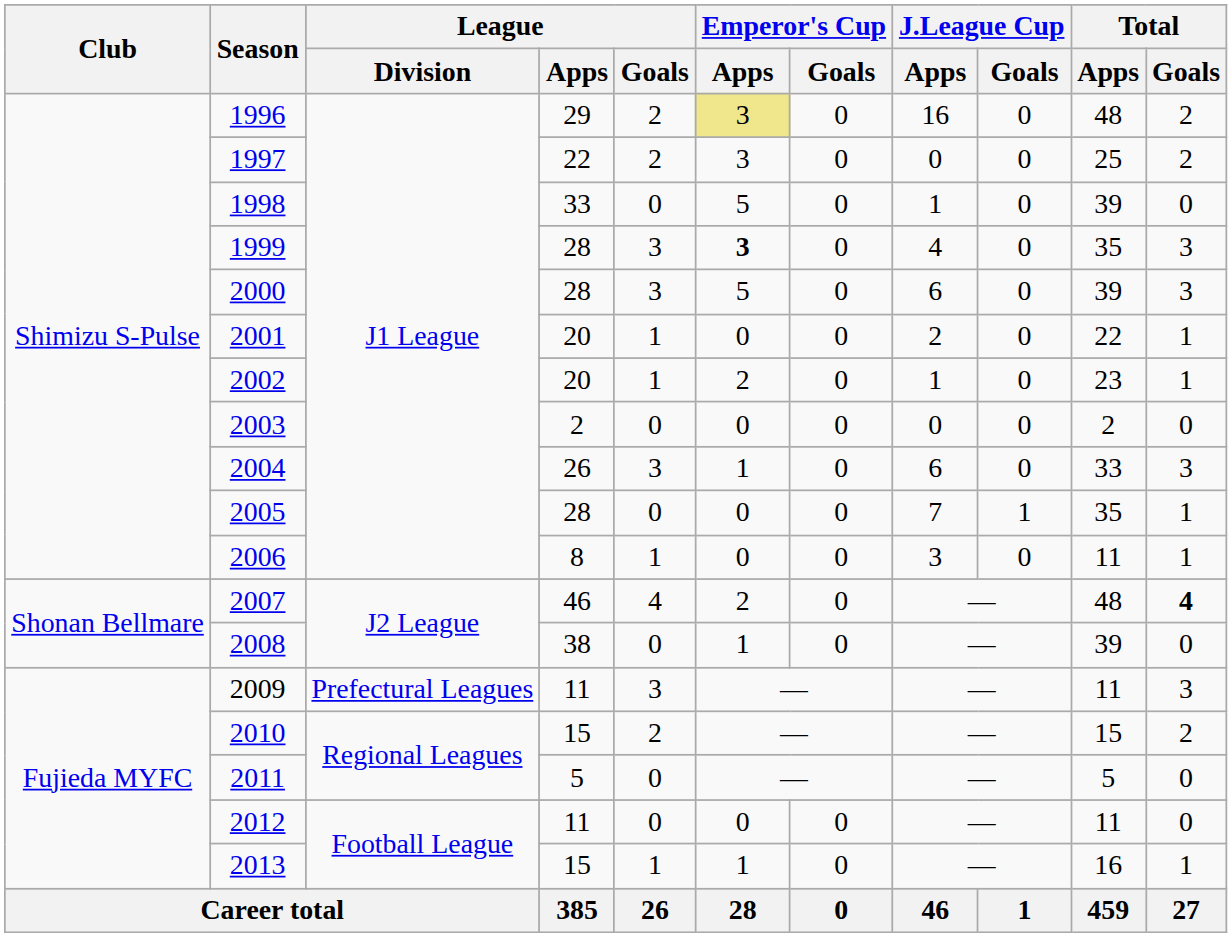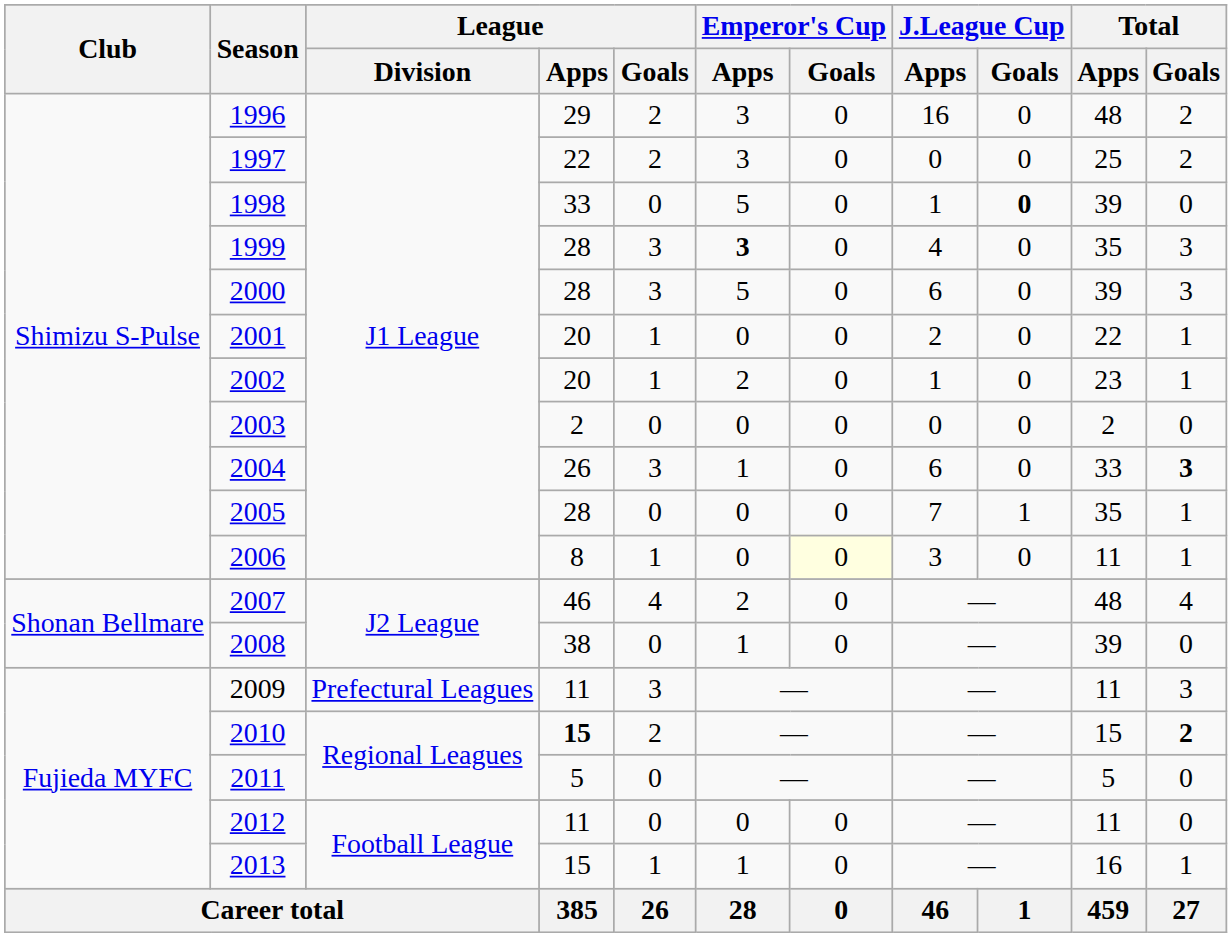 <table class="wikitable" style="text-align:center">
 <tr>
 <th rowspan="2">Club</th>
 <th rowspan="2">Season</th>
 <th colspan="3">League</th>
 <th colspan="2"><a href='#'>Emperor's Cup</a></th>
 <th colspan="2"><a href='#'>J.League Cup</a></th>
 <th colspan="2">Total</th>
 </tr>
 <tr>
 <th>Division</th>
 <th>Apps</th>
 <th>Goals</th>
 <th>Apps</th>
 <th>Goals</th>
 <th>Apps</th>
 <th>Goals</th>
 <th>Apps</th>
 <th>Goals</th>
 </tr>
 <tr>
 <td rowspan="11"><a href='#'>Shimizu S-Pulse</a></td>
 <td><a href='#'>1996</a></td>
 <td rowspan="11"><a href='#'>J1 League</a></td>
 <td>29</td>
 <td>2</td>
-<td style="background: khaki;">3</td>
+<td>3</td>
 <td>0</td>
 <td>16</td>
 <td>0</td>
 <td>48</td>
 <td>2</td>
 </tr>
 <tr>
 <td><a href='#'>1997</a></td>
 <td>22</td>
 <td>2</td>
 <td>3</td>
 <td>0</td>
 <td>0</td>
 <td>0</td>
 <td>25</td>
 <td>2</td>
 </tr>
 <tr>
 <td><a href='#'>1998</a></td>
 <td>33</td>
 <td>0</td>
 <td>5</td>
 <td>0</td>
 <td>1</td>
-<td>0</td>
+<td><strong>0</strong></td>
 <td>39</td>
 <td>0</td>
 </tr>
 <tr>
 <td><a href='#'>1999</a></td>
 <td>28</td>
 <td>3</td>
 <td><strong>3</strong></td>
 <td>0</td>
 <td>4</td>
 <td>0</td>
 <td>35</td>
 <td>3</td>
 </tr>
 <tr>
 <td><a href='#'>2000</a></td>
 <td>28</td>
 <td>3</td>
 <td>5</td>
 <td>0</td>
 <td>6</td>
 <td>0</td>
 <td>39</td>
 <td>3</td>
 </tr>
 <tr>
 <td><a href='#'>2001</a></td>
 <td>20</td>
 <td>1</td>
 <td>0</td>
 <td>0</td>
 <td>2</td>
 <td>0</td>
 <td>22</td>
 <td>1</td>
 </tr>
 <tr>
 <td><a href='#'>2002</a></td>
 <td>20</td>
 <td>1</td>
 <td>2</td>
 <td>0</td>
 <td>1</td>
 <td>0</td>
 <td>23</td>
 <td>1</td>
 </tr>
 <tr>
 <td><a href='#'>2003</a></td>
 <td>2</td>
 <td>0</td>
 <td>0</td>
 <td>0</td>
 <td>0</td>
 <td>0</td>
 <td>2</td>
 <td>0</td>
 </tr>
 <tr>
 <td><a href='#'>2004</a></td>
 <td>26</td>
 <td>3</td>
 <td>1</td>
 <td>0</td>
 <td>6</td>
 <td>0</td>
 <td>33</td>
-<td>3</td>
+<td><strong>3</strong></td>
 </tr>
 <tr>
 <td><a href='#'>2005</a></td>
 <td>28</td>
 <td>0</td>
 <td>0</td>
 <td>0</td>
 <td>7</td>
 <td>1</td>
 <td>35</td>
 <td>1</td>
 </tr>
 <tr>
 <td><a href='#'>2006</a></td>
 <td>8</td>
 <td>1</td>
 <td>0</td>
-<td>0</td>
+<td style="background: lightyellow;">0</td>
 <td>3</td>
 <td>0</td>
 <td>11</td>
 <td>1</td>
 </tr>
 <tr>
 <td rowspan="2"><a href='#'>Shonan Bellmare</a></td>
 <td><a href='#'>2007</a></td>
 <td rowspan="2"><a href='#'>J2 League</a></td>
 <td>46</td>
 <td>4</td>
 <td>2</td>
 <td>0</td>
 <td colspan="2">—</td>
 <td>48</td>
-<td><strong>4</strong></td>
+<td>4</td>
 </tr>
 <tr>
 <td><a href='#'>2008</a></td>
 <td>38</td>
 <td>0</td>
 <td>1</td>
 <td>0</td>
 <td colspan="2">—</td>
 <td>39</td>
 <td>0</td>
 </tr>
 <tr>
 <td rowspan="5"><a href='#'>Fujieda MYFC</a></td>
 <td>2009</td>
 <td><a href='#'>Prefectural Leagues</a></td>
 <td>11</td>
 <td>3</td>
 <td colspan="2">—</td>
 <td colspan="2">—</td>
 <td>11</td>
 <td>3</td>
 </tr>
 <tr>
 <td><a href='#'>2010</a></td>
 <td rowspan="2"><a href='#'>Regional Leagues</a></td>
-<td>15</td>
+<td><strong>15</strong></td>
 <td>2</td>
 <td colspan="2">—</td>
 <td colspan="2">—</td>
 <td>15</td>
-<td>2</td>
+<td><strong>2</strong></td>
 </tr>
 <tr>
 <td><a href='#'>2011</a></td>
 <td>5</td>
 <td>0</td>
 <td colspan="2">—</td>
 <td colspan="2">—</td>
 <td>5</td>
 <td>0</td>
 </tr>
 <tr>
 <td><a href='#'>2012</a></td>
 <td rowspan="2"><a href='#'>Football League</a></td>
 <td>11</td>
 <td>0</td>
 <td>0</td>
 <td>0</td>
 <td colspan="2">—</td>
 <td>11</td>
 <td>0</td>
 </tr>
 <tr>
 <td><a href='#'>2013</a></td>
 <td>15</td>
 <td>1</td>
 <td>1</td>
 <td>0</td>
 <td colspan="2">—</td>
 <td>16</td>
 <td>1</td>
 </tr>
 <tr>
 <th colspan="3">Career total</th>
 <th>385</th>
 <th>26</th>
 <th>28</th>
 <th>0</th>
 <th>46</th>
 <th>1</th>
 <th>459</th>
 <th>27</th>
 </tr>
 </table>
